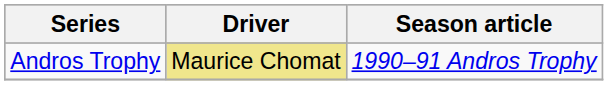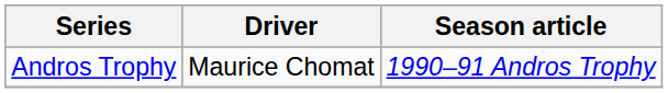 <table class="wikitable" style="font-size: 87%;">
 <tr>
 <th>Series</th>
 <th>Driver</th>
 <th>Season article</th>
 </tr>
 <tr>
 <td><a href='#'>Andros Trophy</a></td>
-<td style="background: khaki;"> Maurice Chomat</td>
+<td> Maurice Chomat</td>
 <td><em><a href='#'>1990–91 Andros Trophy</a></em></td>
 </tr>
 <tr>
 </tr>
 </table>
